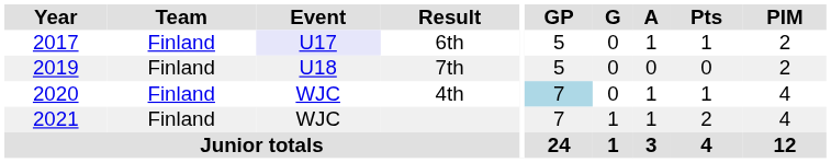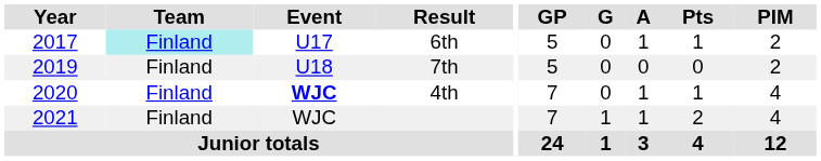 <table border="0" cellpadding="1" cellspacing="0" ID="Table3" style="text-align:center; width:40em;">
 <tr bgcolor="#e0e0e0">
 <th>Year</th>
 <th>Team</th>
 <th>Event</th>
 <th>Result</th>
 <th rowspan="99" bgcolor="#ffffff"></th>
 <th>GP</th>
 <th>G</th>
 <th>A</th>
 <th>Pts</th>
 <th>PIM</th>
 </tr>
 <tr>
 <td><a href='#'>2017</a></td>
-<td><a href='#'>Finland</a></td>
-<td style="background: lavender;"><a href='#'>U17</a></td>
+<td style="background: paleturquoise;"><a href='#'>Finland</a></td>
+<td><a href='#'>U17</a></td>
 <td>6th</td>
 <td>5</td>
 <td>0</td>
 <td>1</td>
 <td>1</td>
 <td>2</td>
 </tr>
 <tr bgcolor="#f0f0f0">
 <td><a href='#'>2019</a></td>
 <td>Finland</td>
 <td><a href='#'>U18</a></td>
 <td>7th</td>
 <td>5</td>
 <td>0</td>
 <td>0</td>
 <td>0</td>
 <td>2</td>
 </tr>
 <tr>
 <td><a href='#'>2020</a></td>
 <td><a href='#'>Finland</a></td>
-<td><a href='#'>WJC</a></td>
+<td><strong><a href='#'>WJC</a></strong></td>
 <td>4th</td>
-<td style="background: lightblue;">7</td>
+<td>7</td>
 <td>0</td>
 <td>1</td>
 <td>1</td>
 <td>4</td>
 </tr>
 <tr bgcolor="#f0f0f0">
 <td><a href='#'>2021</a></td>
 <td>Finland</td>
 <td>WJC</td>
 <td></td>
 <td>7</td>
 <td>1</td>
 <td>1</td>
 <td>2</td>
 <td>4</td>
 </tr>
 <tr bgcolor="#e0e0e0">
 <th colspan="4">Junior totals</th>
 <th>24</th>
 <th>1</th>
 <th>3</th>
 <th>4</th>
 <th>12</th>
 </tr>
 </table>
